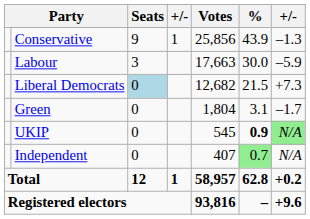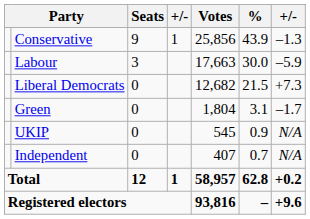 <table class="wikitable sortable">
 <tr>
 <th colspan="2">Party</th>
 <th>Seats</th>
 <th>+/-</th>
 <th>Votes</th>
 <th>%</th>
 <th>+/-</th>
 </tr>
 <tr>
 <td style="background-color: "></td>
 <td><a href='#'>Conservative</a></td>
 <td>9</td>
 <td> 1</td>
 <td style="text-align:right;">25,856</td>
 <td style="text-align:right;">43.9</td>
 <td style="text-align:right;">–1.3</td>
 </tr>
 <tr>
 <td style="background-color: "></td>
 <td><a href='#'>Labour</a></td>
 <td>3</td>
 <td></td>
 <td style="text-align:right;">17,663</td>
 <td style="text-align:right;">30.0</td>
 <td style="text-align:right;">–5.9</td>
 </tr>
 <tr>
 <td style="background-color: "></td>
 <td><a href='#'>Liberal Democrats</a></td>
-<td style="background: lightblue;">0</td>
+<td>0</td>
 <td></td>
 <td style="text-align:right;">12,682</td>
 <td style="text-align:right;">21.5</td>
 <td style="text-align:right;">+7.3</td>
 </tr>
 <tr>
 <td style="background-color: "></td>
 <td><a href='#'>Green</a></td>
 <td>0</td>
 <td></td>
 <td style="text-align:right;">1,804</td>
 <td style="text-align:right;">3.1</td>
 <td style="text-align:right;">–1.7</td>
 </tr>
 <tr>
 <td style="background-color: "></td>
 <td><a href='#'>UKIP</a></td>
 <td>0</td>
 <td></td>
 <td style="text-align:right;">545</td>
-<td style="text-align:right;"><strong>0.9</strong></td>
-<td style="background: lightgreen; text-align:right;"><em>N/A</em></td>
+<td style="text-align:right;">0.9</td>
+<td style="text-align:right;"><em>N/A</em></td>
 </tr>
 <tr>
 <td style="background-color: "></td>
 <td><a href='#'>Independent</a></td>
 <td>0</td>
 <td></td>
 <td style="text-align:right;">407</td>
-<td style="background: lightgreen; text-align:right;">0.7</td>
+<td style="text-align:right;">0.7</td>
 <td style="text-align:right;"><em>N/A</em></td>
 </tr>
 <tr>
 <td colspan="2"><strong>Total</strong></td>
 <td><strong>12</strong></td>
 <td> <strong>1</strong></td>
 <td style="text-align:right;"><strong>58,957</strong></td>
 <td style="text-align:right;"><strong>62.8</strong></td>
 <td style="text-align:right;"><strong>+0.2</strong></td>
 </tr>
 <tr>
 <td colspan="4"><strong>Registered electors</strong></td>
 <td style="text-align:right;"><strong>93,816</strong></td>
 <td style="text-align:right;"><strong>–</strong></td>
 <td style="text-align:right;"><strong>+9.6</strong></td>
 </tr>
 </table>
